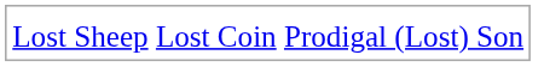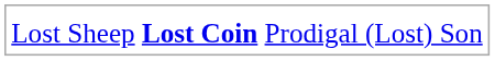 <table style="text-align:center; border:1px solid darkgray;">
 <tr border=0>
 <td></td>
 <td style="padding-left:1em;"></td>
 <td style="padding-left:1em;"></td>
 </tr>
 <tr>
 <td><a href='#'>Lost Sheep</a></td>
-<td><a href='#'>Lost Coin</a></td>
+<td><strong><a href='#'>Lost Coin</a></strong></td>
 <td><a href='#'>Prodigal (Lost) Son</a></td>
 </tr>
 </table>
